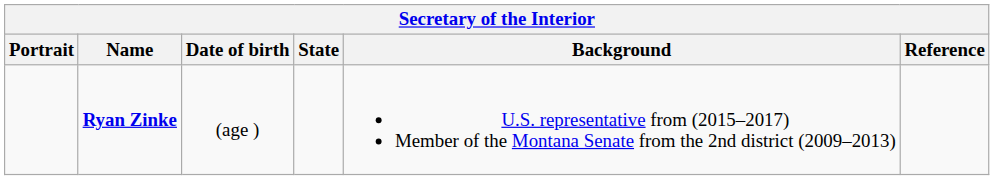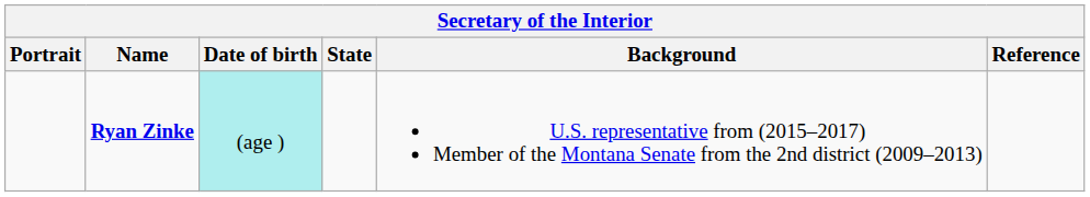 <table class="wikitable collapsible" style="text-align:center;">
 <tr>
 <th colspan="6"><a href='#'>Secretary of the Interior</a></th>
 </tr>
 <tr>
 <th>Portrait</th>
 <th>Name</th>
 <th>Date of birth</th>
 <th>State</th>
 <th>Background</th>
 <th>Reference</th>
 </tr>
 <tr>
 <td></td>
 <td><strong><a href='#'>Ryan Zinke</a></strong></td>
-<td><br>(age )</td>
+<td style="background: paleturquoise;"><br>(age )</td>
 <td></td>
 <td><br><ul><li><a href='#'>U.S. representative</a> from  (2015–2017)</li><li>Member of the <a href='#'>Montana Senate</a> from the 2nd district (2009–2013)</li></ul></td>
 <td></td>
 </tr>
 </table>
